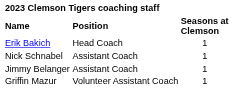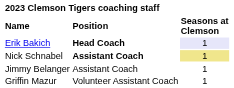 <table class="toccolours" style="text-align: left; font-size:90%;">
 <tr>
 <th colspan="9">2023 Clemson Tigers coaching staff</th>
 </tr>
 <tr>
 <th>Name</th>
 <th>Position</th>
 <th>Seasons at<br>Clemson</th>
 </tr>
 <tr>
 <td><a href='#'>Erik Bakich</a></td>
-<td>Head Coach</td>
-<td align=center>1</td>
+<td><strong>Head Coach</strong></td>
+<td align=center style="background: lavender;">1</td>
 </tr>
 <tr>
 <td>Nick Schnabel</td>
-<td>Assistant Coach</td>
-<td align=center>1</td>
+<td><strong>Assistant Coach</strong></td>
+<td align=center style="background: khaki;">1</td>
 </tr>
 <tr>
 <td>Jimmy Belanger</td>
 <td>Assistant Coach</td>
 <td align=center>1</td>
 </tr>
 <tr>
 <td>Griffin Mazur</td>
 <td>Volunteer Assistant Coach</td>
 <td align=center>1</td>
 </tr>
 </table>
